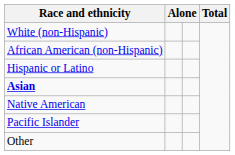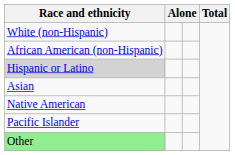 <table class="wikitable sortable collapsible"; text-align:right; font-size:80%;">
 <tr>
 <th>Race and ethnicity</th>
 <th colspan="2" data-sort-type=number>Alone</th>
 <th colspan="2" data-sort-type=number>Total</th>
 </tr>
 <tr>
 <td><a href='#'>White (non-Hispanic)</a></td>
 <td align=right></td>
 <td align=right></td>
 </tr>
 <tr>
 <td><a href='#'>African American (non-Hispanic)</a></td>
 <td align=right></td>
 <td align=right></td>
 </tr>
 <tr>
-<td><a href='#'>Hispanic or Latino</a></td>
+<td style="background: lightgrey;"><a href='#'>Hispanic or Latino</a></td>
 <td align=right></td>
 <td align=right></td>
 </tr>
 <tr>
-<td><strong><a href='#'>Asian</a></strong></td>
+<td><a href='#'>Asian</a></td>
 <td align=right></td>
 <td align=right></td>
 </tr>
 <tr>
 <td><a href='#'>Native American</a></td>
 <td align=right></td>
 <td align=right></td>
 </tr>
 <tr>
 <td><a href='#'>Pacific Islander</a></td>
 <td align=right></td>
 <td align=right></td>
 </tr>
 <tr>
-<td>Other</td>
+<td style="background: lightgreen;">Other</td>
 <td align=right></td>
 <td align=right></td>
 </tr>
 </table>
